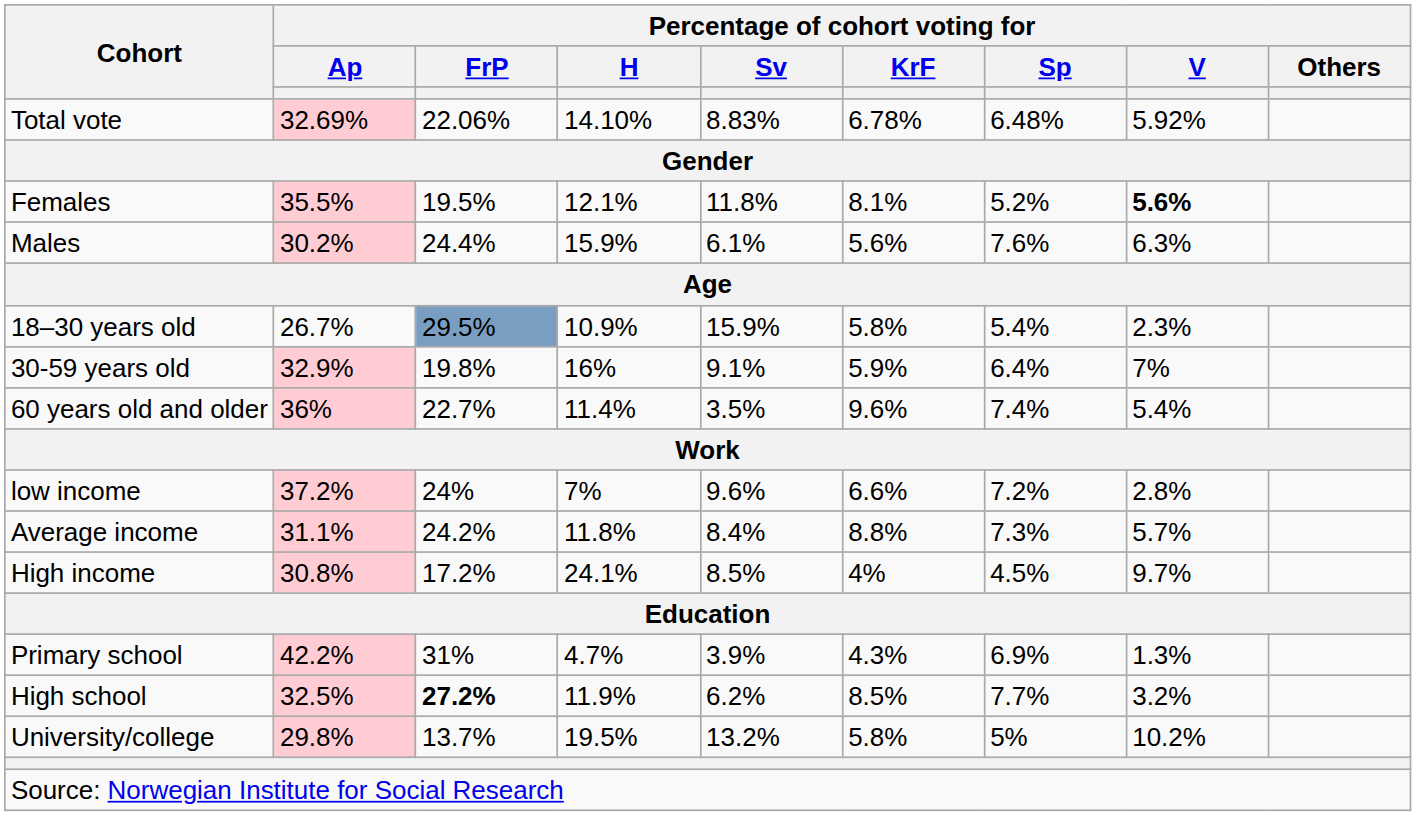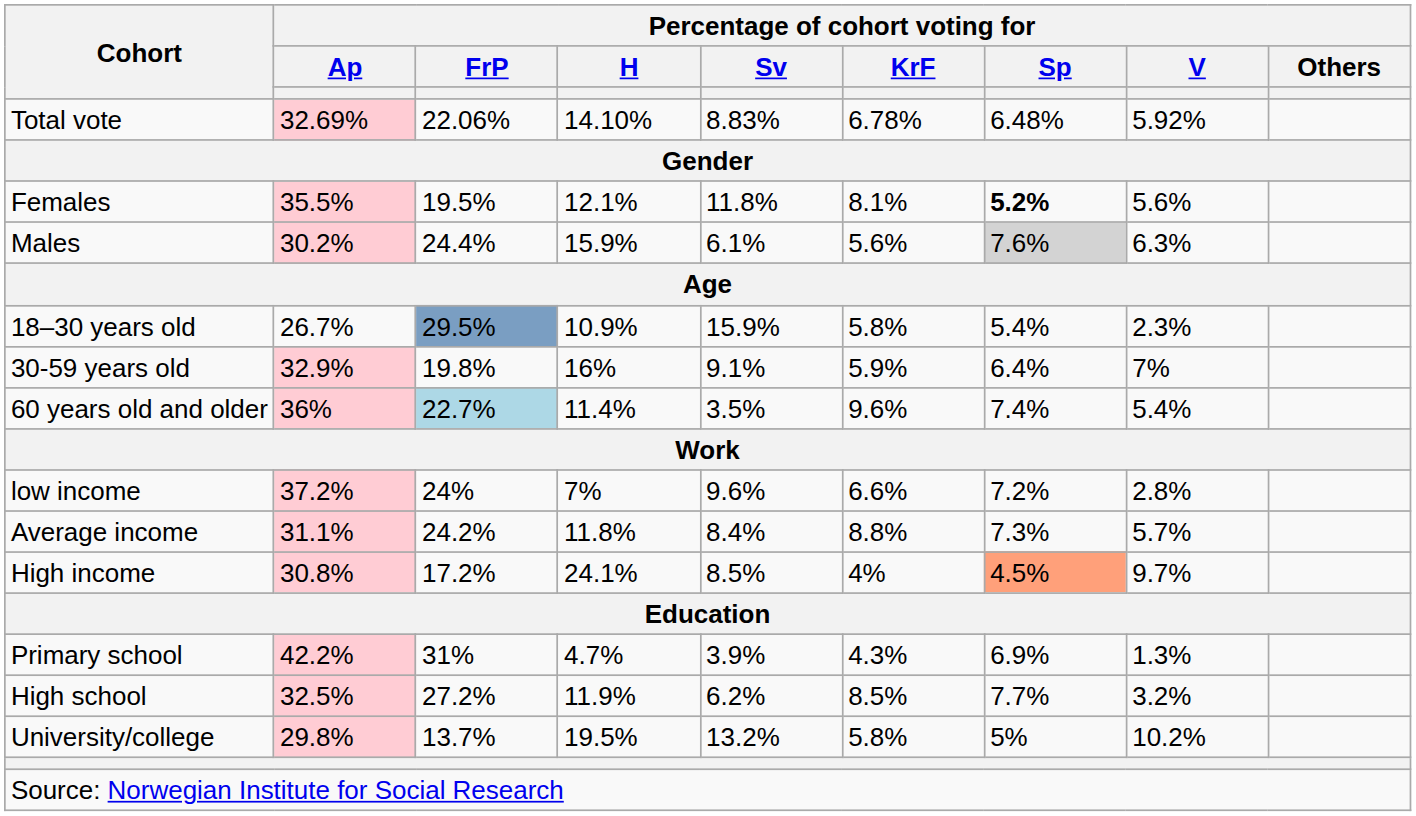 <table class="wikitable" style="font-size:95%;">
 <tr>
 <th rowspan="3">Cohort</th>
 <th colspan="8">Percentage of cohort voting for</th>
 </tr>
 <tr>
 <th scope="col" style="width:5em;"><a href='#'>Ap</a></th>
 <th scope="col" style="width:5em;"><a href='#'>FrP</a></th>
 <th scope="col" style="width:5em;"><a href='#'>H</a></th>
 <th scope="col" style="width:5em;"><a href='#'>Sv</a></th>
 <th scope="col" style="width:5em;"><a href='#'>KrF</a></th>
 <th scope="col" style="width:5em;"><a href='#'>Sp</a></th>
 <th scope="col" style="width:5em;"><a href='#'>V</a></th>
 <th scope="col" style="width:5em;">Others</th>
 </tr>
 <tr>
 <th style="background:"></th>
 <th style="background:"></th>
 <th style="background:"></th>
 <th style="background:"></th>
 <th style="background:"></th>
 <th style="background:"></th>
 <th style="background:"></th>
 <th style="background:"></th>
 </tr>
 <tr>
 <td>Total vote</td>
 <td style="background:#ffccd4;">32.69%</td>
 <td>22.06%</td>
 <td>14.10%</td>
 <td>8.83%</td>
 <td>6.78%</td>
 <td>6.48%</td>
 <td>5.92%</td>
 <td></td>
 </tr>
 <tr>
 <th colspan="9">Gender</th>
 </tr>
 <tr>
 <td>Females</td>
 <td style="background:#ffccd4;">35.5%</td>
 <td>19.5%</td>
 <td>12.1%</td>
 <td>11.8%</td>
 <td>8.1%</td>
-<td>5.2%</td>
-<td><strong>5.6%</strong></td>
+<td><strong>5.2%</strong></td>
+<td>5.6%</td>
 <td></td>
 </tr>
 <tr>
 <td>Males</td>
 <td style="background:#ffccd4;">30.2%</td>
 <td>24.4%</td>
 <td>15.9%</td>
 <td>6.1%</td>
 <td>5.6%</td>
-<td>7.6%</td>
+<td style="background: lightgrey;">7.6%</td>
 <td>6.3%</td>
 <td></td>
 </tr>
 <tr>
 <th colspan="9">Age</th>
 </tr>
 <tr>
 <td>18–30 years old</td>
 <td>26.7%</td>
 <td style="background:#7a9ec2;">29.5%</td>
 <td>10.9%</td>
 <td>15.9%</td>
 <td>5.8%</td>
 <td>5.4%</td>
 <td>2.3%</td>
 <td></td>
 </tr>
 <tr>
 <td>30-59 years old</td>
 <td style="background:#ffccd4;">32.9%</td>
 <td>19.8%</td>
 <td>16%</td>
 <td>9.1%</td>
 <td>5.9%</td>
 <td>6.4%</td>
 <td>7%</td>
 <td></td>
 </tr>
 <tr>
 <td>60 years old and older</td>
 <td style="background:#ffccd4;">36%</td>
-<td>22.7%</td>
+<td style="background: lightblue;">22.7%</td>
 <td>11.4%</td>
 <td>3.5%</td>
 <td>9.6%</td>
 <td>7.4%</td>
 <td>5.4%</td>
 <td></td>
 </tr>
 <tr>
 <th colspan="9">Work</th>
 </tr>
 <tr>
 <td>low income</td>
 <td style="background:#ffccd4;">37.2%</td>
 <td>24%</td>
 <td>7%</td>
 <td>9.6%</td>
 <td>6.6%</td>
 <td>7.2%</td>
 <td>2.8%</td>
 <td></td>
 </tr>
 <tr>
 <td>Average income</td>
 <td style="background:#ffccd4;">31.1%</td>
 <td>24.2%</td>
 <td>11.8%</td>
 <td>8.4%</td>
 <td>8.8%</td>
 <td>7.3%</td>
 <td>5.7%</td>
 <td></td>
 </tr>
 <tr>
 <td>High income</td>
 <td style="background:#ffccd4;">30.8%</td>
 <td>17.2%</td>
 <td>24.1%</td>
 <td>8.5%</td>
 <td>4%</td>
-<td>4.5%</td>
+<td style="background: lightsalmon;">4.5%</td>
 <td>9.7%</td>
 <td></td>
 </tr>
 <tr>
 <th colspan="9">Education</th>
 </tr>
 <tr>
 <td>Primary school</td>
 <td style="background:#ffccd4;">42.2%</td>
 <td>31%</td>
 <td>4.7%</td>
 <td>3.9%</td>
 <td>4.3%</td>
 <td>6.9%</td>
 <td>1.3%</td>
 <td></td>
 </tr>
 <tr>
 <td>High school</td>
 <td style="background:#ffccd4;">32.5%</td>
-<td><strong>27.2%</strong></td>
+<td>27.2%</td>
 <td>11.9%</td>
 <td>6.2%</td>
 <td>8.5%</td>
 <td>7.7%</td>
 <td>3.2%</td>
 <td></td>
 </tr>
 <tr>
 <td>University/college</td>
 <td style="background:#ffccd4;">29.8%</td>
 <td>13.7%</td>
 <td>19.5%</td>
 <td>13.2%</td>
 <td>5.8%</td>
 <td>5%</td>
 <td>10.2%</td>
 <td></td>
 </tr>
 <tr>
 <th colspan="11!"></th>
 </tr>
 <tr>
 <td colspan="9">Source: <a href='#'>Norwegian Institute for Social Research</a></td>
 </tr>
 </table>
